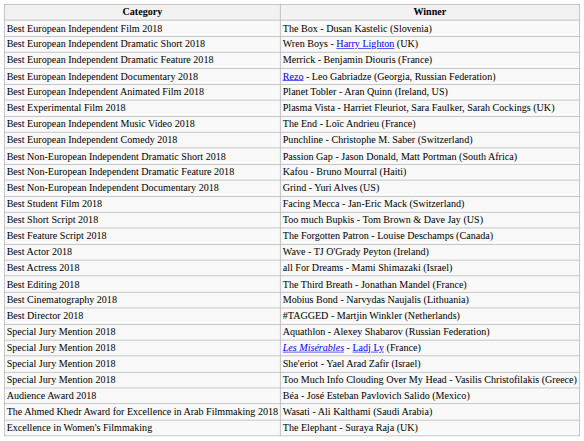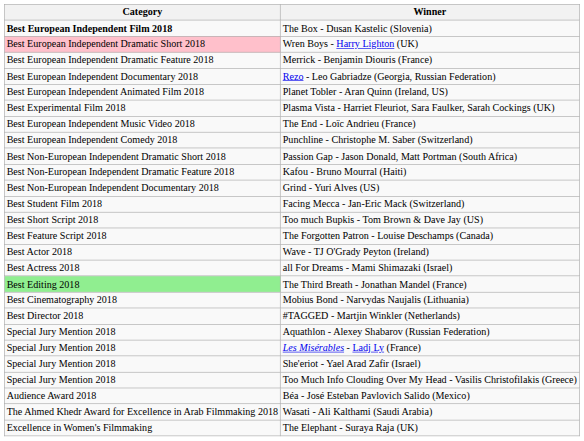 <table class="wikitable sortable">
 <tr>
 <th>Category</th>
 <th>Winner</th>
 </tr>
 <tr>
-<td>Best European Independent Film 2018</td>
+<td><strong>Best European Independent Film 2018</strong></td>
 <td>The Box - Dusan Kastelic (Slovenia)</td>
 </tr>
 <tr>
-<td>Best European Independent Dramatic Short 2018</td>
+<td style="background: pink;">Best European Independent Dramatic Short 2018</td>
 <td>Wren Boys - <a href='#'>Harry Lighton</a> (UK)</td>
 </tr>
 <tr>
 <td>Best European Independent Dramatic Feature 2018</td>
 <td>Merrick - Benjamin Diouris (France)</td>
 </tr>
 <tr>
 <td>Best European Independent Documentary 2018</td>
 <td><a href='#'>Rezo</a> - Leo Gabriadze (Georgia, Russian Federation)</td>
 </tr>
 <tr>
 <td>Best European Independent Animated Film 2018</td>
 <td>Planet Tobler - Aran Quinn (Ireland, US)</td>
 </tr>
 <tr>
 <td>Best Experimental Film 2018</td>
 <td>Plasma Vista - Harriet Fleuriot, Sara Faulker, Sarah Cockings (UK)</td>
 </tr>
 <tr>
 <td>Best European Independent Music Video 2018</td>
 <td>The End - Loïc Andrieu (France)</td>
 </tr>
 <tr>
 <td>Best European Independent Comedy 2018</td>
 <td>Punchline - Christophe M. Saber (Switzerland)</td>
 </tr>
 <tr>
 <td>Best Non-European Independent Dramatic Short 2018</td>
 <td>Passion Gap - Jason Donald, Matt Portman (South Africa)</td>
 </tr>
 <tr>
 <td>Best Non-European Independent Dramatic Feature 2018</td>
 <td>Kafou - Bruno Mourral (Haiti)</td>
 </tr>
 <tr>
 <td>Best Non-European Independent Documentary 2018</td>
 <td>Grind - Yuri Alves (US)</td>
 </tr>
 <tr>
 <td>Best Student Film 2018</td>
 <td>Facing Mecca - Jan-Eric Mack (Switzerland)</td>
 </tr>
 <tr>
 <td>Best Short Script 2018</td>
 <td>Too much Bupkis - Tom Brown & Dave Jay (US)</td>
 </tr>
 <tr>
 <td>Best Feature Script 2018</td>
 <td>The Forgotten Patron - Louise Deschamps (Canada)</td>
 </tr>
 <tr>
 <td>Best Actor 2018</td>
 <td>Wave - TJ O'Grady Peyton (Ireland)</td>
 </tr>
 <tr>
 <td>Best Actress 2018</td>
 <td>all For Dreams - Mami Shimazaki (Israel)</td>
 </tr>
 <tr>
-<td>Best Editing 2018</td>
+<td style="background: lightgreen;">Best Editing 2018</td>
 <td>The Third Breath - Jonathan Mandel (France)</td>
 </tr>
 <tr>
 <td>Best Cinematography 2018</td>
 <td>Mobius Bond - Narvydas Naujalis (Lithuania)</td>
 </tr>
 <tr>
 <td>Best Director 2018</td>
 <td>#TAGGED - Martjin Winkler (Netherlands)</td>
 </tr>
 <tr>
 <td>Special Jury Mention 2018</td>
 <td>Aquathlon - Alexey Shabarov (Russian Federation)</td>
 </tr>
 <tr>
 <td>Special Jury Mention 2018</td>
 <td><em><a href='#'>Les Misérables</a></em> - <a href='#'>Ladj Ly</a> (France)</td>
 </tr>
 <tr>
 <td>Special Jury Mention 2018</td>
 <td>She'eriot - Yael Arad Zafir (Israel)</td>
 </tr>
 <tr>
 <td>Special Jury Mention 2018</td>
 <td>Too Much Info Clouding Over My Head - Vasilis Christofilakis (Greece)</td>
 </tr>
 <tr>
 <td>Audience Award 2018</td>
 <td>Béa - José Esteban Pavlovich Salido (Mexico)</td>
 </tr>
 <tr>
 <td>The Ahmed Khedr Award for Excellence in Arab Filmmaking 2018</td>
 <td>Wasati - Ali Kalthami (Saudi Arabia)</td>
 </tr>
 <tr>
 <td>Excellence in Women's Filmmaking</td>
 <td>The Elephant - Suraya Raja (UK)</td>
 </tr>
 </table>
